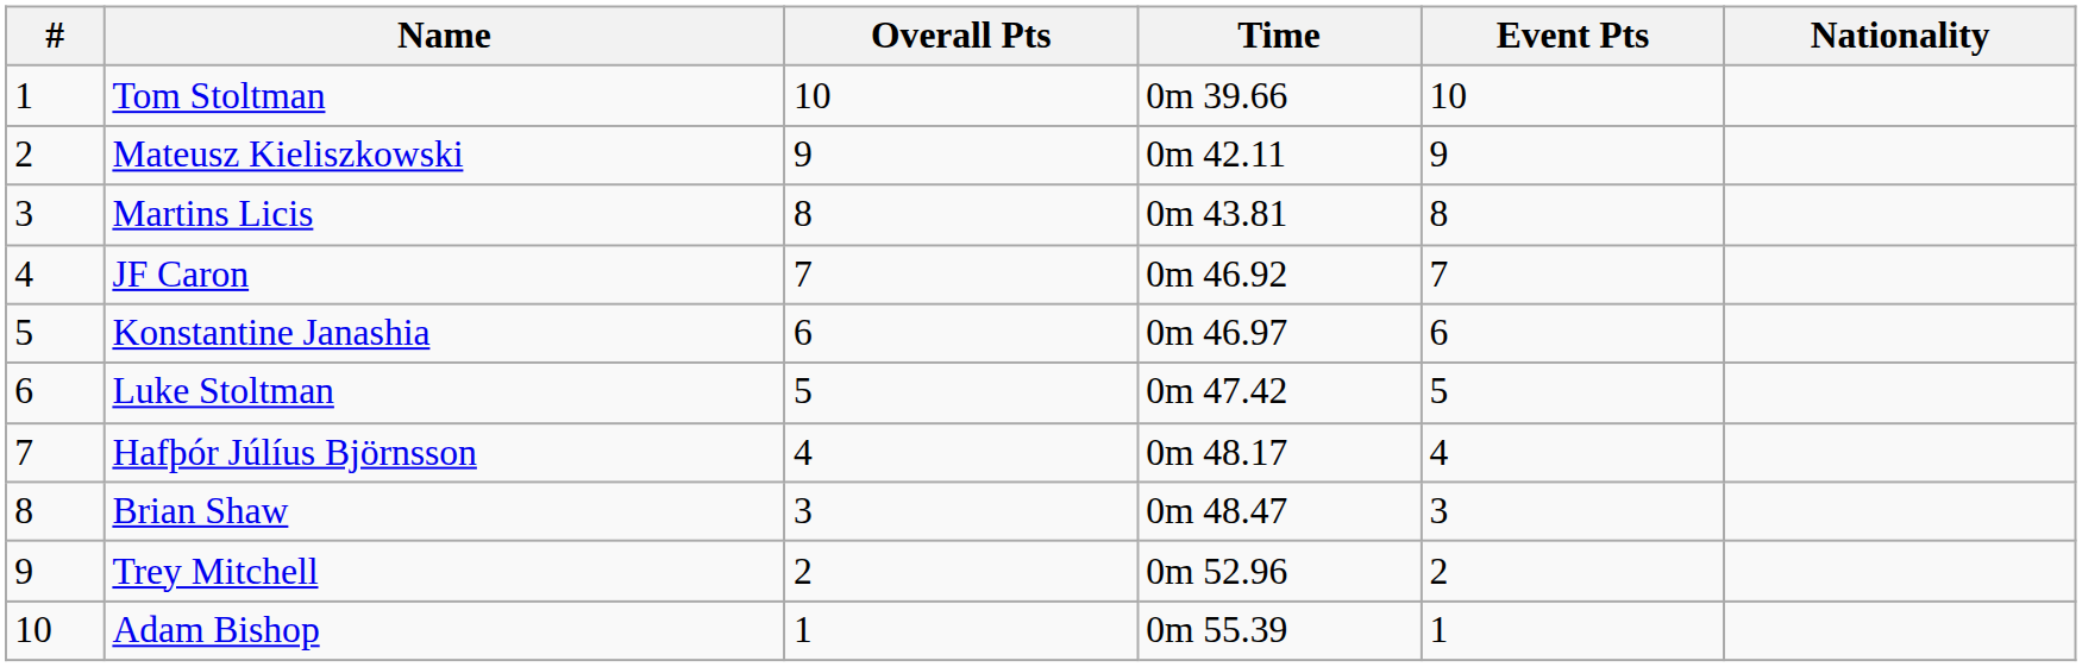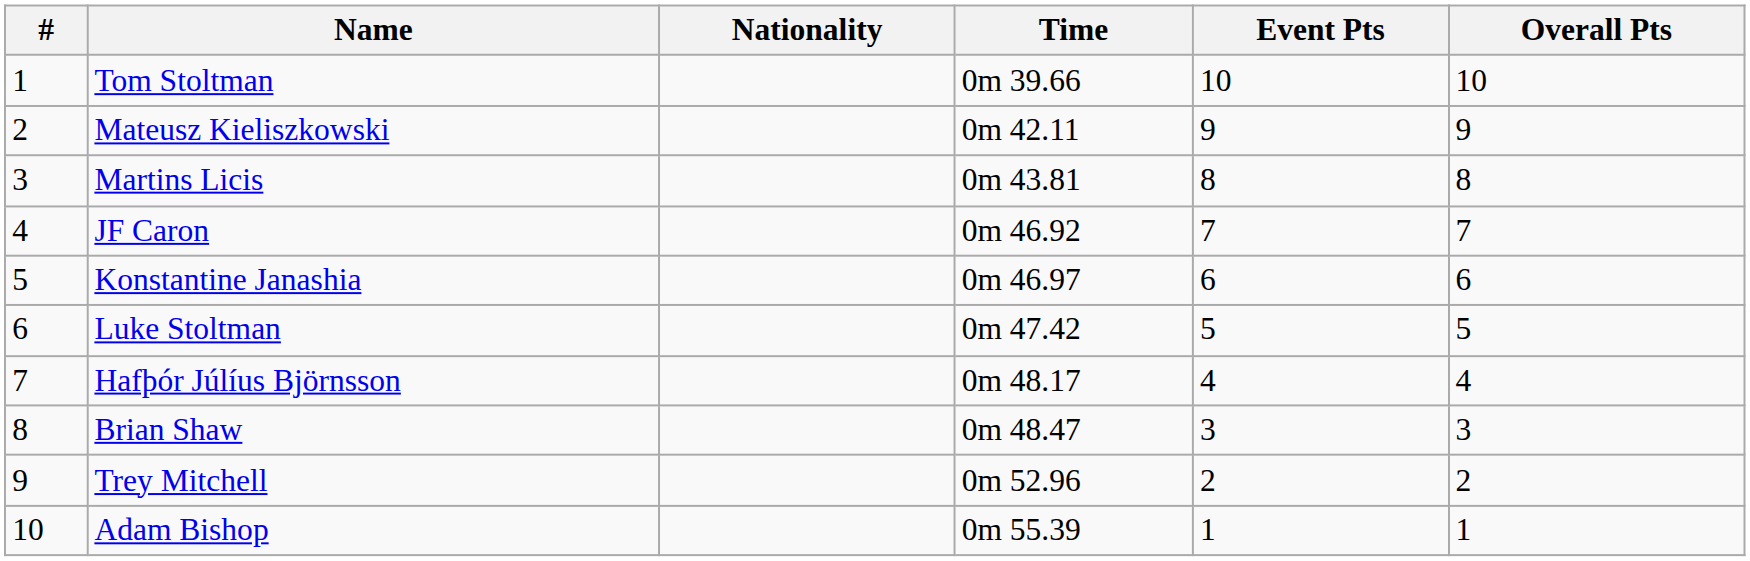 <table class="wikitable sortable" style="display: inline-table;width: 100%;">
 <tr>
 <th>#</th>
 <th>Name</th>
-<th>Overall Pts</th>
+<th>Nationality</th>
 <th>Time</th>
 <th>Event Pts</th>
-<th>Nationality</th>
+<th>Overall Pts</th>
 </tr>
 <tr>
 <td>1</td>
 <td><a href='#'>Tom Stoltman</a></td>
-<td>10</td>
+<td></td>
 <td>0m 39.66</td>
 <td>10</td>
-<td></td>
+<td>10</td>
 </tr>
 <tr>
 <td>2</td>
 <td><a href='#'>Mateusz Kieliszkowski</a></td>
-<td>9</td>
+<td></td>
 <td>0m 42.11</td>
 <td>9</td>
-<td></td>
+<td>9</td>
 </tr>
 <tr>
 <td>3</td>
 <td><a href='#'>Martins Licis</a></td>
-<td>8</td>
+<td></td>
 <td>0m 43.81</td>
 <td>8</td>
-<td></td>
+<td>8</td>
 </tr>
 <tr>
 <td>4</td>
 <td><a href='#'>JF Caron</a></td>
-<td>7</td>
+<td></td>
 <td>0m 46.92</td>
 <td>7</td>
-<td></td>
+<td>7</td>
 </tr>
 <tr>
 <td>5</td>
 <td><a href='#'>Konstantine Janashia</a></td>
-<td>6</td>
+<td></td>
 <td>0m 46.97</td>
 <td>6</td>
-<td></td>
+<td>6</td>
 </tr>
 <tr>
 <td>6</td>
 <td><a href='#'>Luke Stoltman</a></td>
-<td>5</td>
+<td></td>
 <td>0m 47.42</td>
 <td>5</td>
-<td></td>
+<td>5</td>
 </tr>
 <tr>
 <td>7</td>
 <td><a href='#'>Hafþór Júlíus Björnsson</a></td>
-<td>4</td>
+<td></td>
 <td>0m 48.17</td>
 <td>4</td>
-<td></td>
+<td>4</td>
 </tr>
 <tr>
 <td>8</td>
 <td><a href='#'>Brian Shaw</a></td>
-<td>3</td>
+<td></td>
 <td>0m 48.47</td>
 <td>3</td>
-<td></td>
+<td>3</td>
 </tr>
 <tr>
 <td>9</td>
 <td><a href='#'>Trey Mitchell</a></td>
-<td>2</td>
+<td></td>
 <td>0m 52.96</td>
 <td>2</td>
-<td></td>
+<td>2</td>
 </tr>
 <tr>
 <td>10</td>
 <td><a href='#'>Adam Bishop</a></td>
-<td>1</td>
+<td></td>
 <td>0m 55.39</td>
 <td>1</td>
-<td></td>
+<td>1</td>
 </tr>
 </table>
